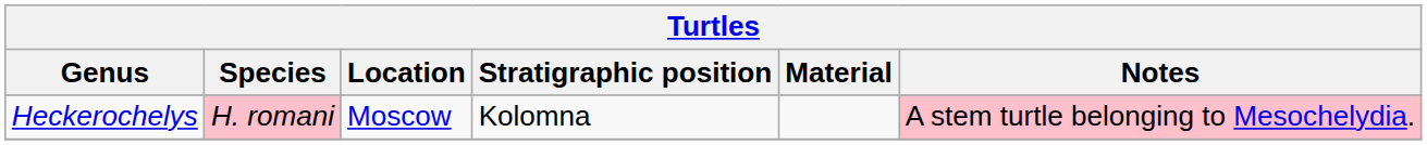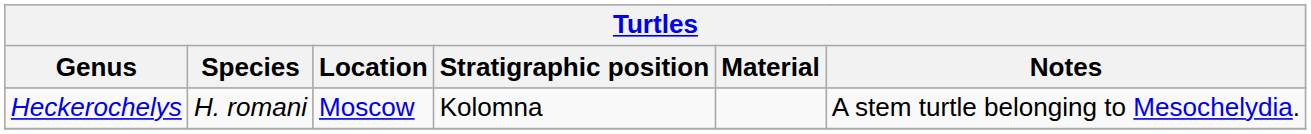 <table class="wikitable">
 <tr>
 <th colspan="7" align="center"><strong><a href='#'>Turtles</a></strong></th>
 </tr>
 <tr>
 <th>Genus</th>
 <th>Species</th>
 <th>Location</th>
 <th>Stratigraphic position</th>
 <th>Material</th>
 <th>Notes</th>
 </tr>
 <tr>
 <td><em><a href='#'>Heckerochelys</a></em></td>
-<td style="background: pink;"><em>H. romani</em></td>
+<td><em>H. romani</em></td>
 <td><a href='#'>Moscow</a></td>
 <td>Kolomna</td>
 <td></td>
-<td style="background: pink;">A stem turtle belonging to <a href='#'>Mesochelydia</a>.</td>
+<td>A stem turtle belonging to <a href='#'>Mesochelydia</a>.</td>
 </tr>
 <tr>
 </tr>
 </table>
